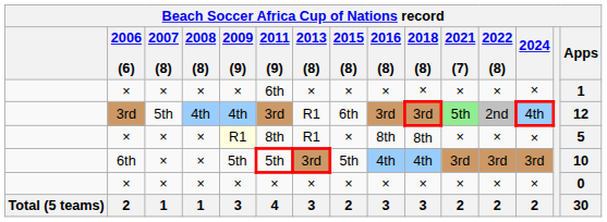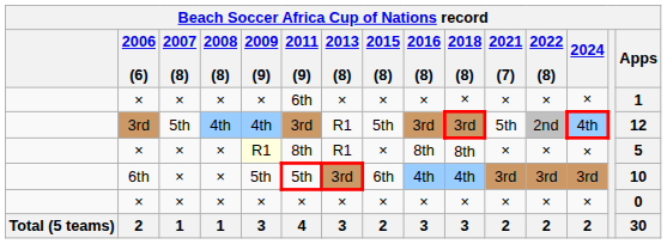 <table class="wikitable" style="text-align:center; font-size:90%">
 <tr>
 <th colspan=15><a href='#'>Beach Soccer Africa Cup of Nations</a> record</th>
 </tr>
 <tr>
 <th></th>
 <th><a href='#'>2006</a><br> <br> (6)</th>
 <th><a href='#'>2007</a><br> <br> (8)</th>
 <th><a href='#'>2008</a><br> <br> (8)</th>
 <th><a href='#'>2009</a><br> <br> (9)</th>
 <th><a href='#'>2011</a><br> <br> (9)</th>
 <th><a href='#'>2013</a><br> <br> (8)</th>
 <th><a href='#'>2015</a><br> <br> (8)</th>
 <th><a href='#'>2016</a><br> <br> (8)</th>
 <th><a href='#'>2018</a><br> <br> (8)</th>
 <th><a href='#'>2021</a><br> <br> (7)</th>
 <th><a href='#'>2022</a><br> <br> (8)</th>
 <th><a href='#'>2024</a><br> <br> </th>
 <th rowspan=7></th>
 <th>Apps<br><big></big></th>
 </tr>
 <tr>
 <td align=left></td>
 <td>×</td>
 <td>×</td>
 <td>×</td>
 <td>×</td>
 <td>6th</td>
 <td>×</td>
 <td>×</td>
 <td>×</td>
 <td>×</td>
 <td>×</td>
 <td>×</td>
 <td>×</td>
 <th>1</th>
 </tr>
 <tr>
 <td align=left></td>
 <td bgcolor=#cc9966>3rd</td>
 <td>5th</td>
 <td bgcolor=#9acdff>4th</td>
 <td bgcolor=#9acdff>4th</td>
 <td bgcolor=#cc9966>3rd</td>
 <td>R1</td>
-<td>6th</td>
+<td>5th</td>
 <td bgcolor=#cc9966>3rd</td>
 <td style="border:3px solid red" bgcolor=#cc9966>3rd</td>
-<td style="background: lightgreen;">5th</td>
+<td>5th</td>
 <td bgcolor=silver>2nd</td>
 <td style="border:3px solid red" bgcolor=#9acdff>4th</td>
 <th>12</th>
 </tr>
 <tr>
 <td align=left></td>
 <td>×</td>
 <td>×</td>
 <td>×</td>
 <td style="background: lightyellow;">R1</td>
 <td>8th</td>
 <td>R1</td>
 <td>×</td>
 <td>8th</td>
 <td>8th</td>
 <td>×</td>
 <td>×</td>
 <td>×</td>
 <th>5</th>
 </tr>
 <tr>
 <td align=left></td>
 <td>6th</td>
 <td>×</td>
 <td>×</td>
 <td>5th</td>
 <td style="border:3px solid red">5th</td>
 <td bgcolor=#cc9966 style="border:3px solid red">3rd</td>
-<td>5th</td>
+<td>6th</td>
 <td bgcolor=#9acdff>4th</td>
 <td bgcolor=#9acdff>4th</td>
 <td bgcolor=#cc9966>3rd</td>
 <td bgcolor=#cc9966>3rd</td>
 <td bgcolor=#cc9966>3rd</td>
 <th>10</th>
 </tr>
 <tr>
 <td align=left></td>
 <td>×</td>
 <td>×</td>
 <td>×</td>
 <td>×</td>
 <td>×</td>
 <td>×</td>
 <td>×</td>
 <td>×</td>
 <td>×</td>
 <td>×</td>
 <td>×</td>
 <td>×</td>
 <th>0</th>
 </tr>
 <tr>
 <th>Total (5 teams)</th>
 <th>2</th>
 <th>1</th>
 <th>1</th>
 <th>3</th>
 <th>4</th>
 <th>3</th>
 <th>2</th>
 <th>3</th>
 <th>3</th>
 <th>2</th>
 <th>2</th>
 <th>2</th>
 <th>30</th>
 </tr>
 </table>
